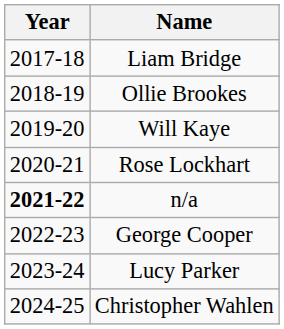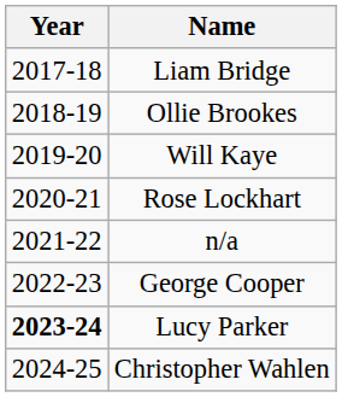 <table class="wikitable sortable">
 <tr>
 <th>Year</th>
 <th>Name</th>
 </tr>
 <tr>
 <td align="center">2017-18</td>
 <td align="center">Liam Bridge</td>
 </tr>
 <tr>
 <td align="center">2018-19</td>
 <td align="center">Ollie Brookes</td>
 </tr>
 <tr>
 <td align="center">2019-20</td>
 <td align="center">Will Kaye</td>
 </tr>
 <tr>
 <td align="center">2020-21</td>
 <td align="center">Rose Lockhart</td>
 </tr>
 <tr>
-<td align="center"><strong>2021-22</strong></td>
+<td align="center">2021-22</td>
 <td align="center">n/a</td>
 </tr>
 <tr>
 <td align="center">2022-23</td>
 <td align="center">George Cooper</td>
 </tr>
 <tr>
-<td align="center">2023-24</td>
+<td align="center"><strong>2023-24</strong></td>
 <td align="center">Lucy Parker</td>
 </tr>
 <tr>
 <td align="center">2024-25</td>
 <td align="center">Christopher Wahlen</td>
 </tr>
 </table>
